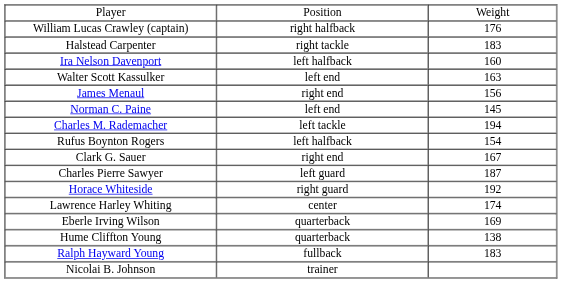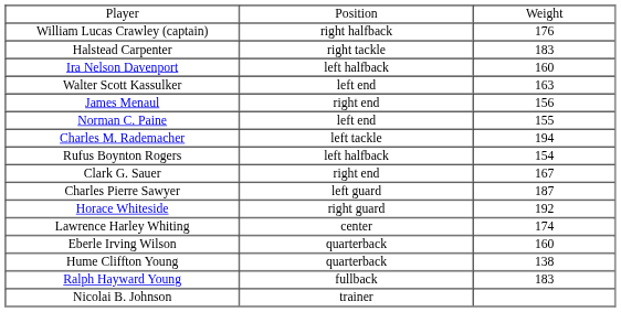 <table cellpadding="1" border="1" cellspacing="0" width="60%" style="text-align:center;">
 <tr>
 <td>Player</td>
 <td>Position</td>
 <td>Weight</td>
 </tr>
 <tr align="center" bgcolor="">
 <td>William Lucas Crawley (captain)</td>
 <td>right halfback</td>
 <td>176</td>
 </tr>
 <tr align="center" bgcolor="">
 <td>Halstead Carpenter</td>
 <td>right tackle</td>
 <td>183</td>
 </tr>
 <tr align="center" bgcolor="">
 <td><a href='#'>Ira Nelson Davenport</a></td>
 <td>left halfback</td>
 <td>160</td>
 </tr>
 <tr align="center" bgcolor="">
 <td>Walter Scott Kassulker</td>
 <td>left end</td>
 <td>163</td>
 </tr>
 <tr align="center" bgcolor="">
 <td><a href='#'>James Menaul</a></td>
 <td>right end</td>
 <td>156</td>
 </tr>
 <tr align="center" bgcolor="">
 <td width="250"><a href='#'>Norman C. Paine</a></td>
 <td width="250">left end</td>
-<td width="150">145</td>
+<td width="150">155</td>
 </tr>
 <tr align="center" bgcolor="">
 <td><a href='#'>Charles M. Rademacher</a></td>
 <td>left tackle</td>
 <td>194</td>
 </tr>
 <tr align="center" bgcolor="">
 <td>Rufus Boynton Rogers</td>
 <td>left halfback</td>
 <td>154</td>
 </tr>
 <tr align="center" bgcolor="">
 <td>Clark G. Sauer</td>
 <td>right end</td>
 <td>167</td>
 </tr>
 <tr align="center" bgcolor="">
 <td>Charles Pierre Sawyer</td>
 <td>left guard</td>
 <td>187</td>
 </tr>
 <tr align="center" bgcolor="">
 <td><a href='#'>Horace Whiteside</a></td>
 <td>right guard</td>
 <td>192</td>
 </tr>
 <tr align="center" bgcolor="">
 <td>Lawrence Harley Whiting</td>
 <td>center</td>
 <td>174</td>
 </tr>
 <tr align="center" bgcolor="">
 <td>Eberle Irving Wilson</td>
 <td>quarterback</td>
-<td>169</td>
+<td>160</td>
 </tr>
 <tr align="center" bgcolor="">
 <td>Hume Cliffton Young</td>
 <td>quarterback</td>
 <td>138</td>
 </tr>
 <tr align="center" bgcolor="">
 <td><a href='#'>Ralph Hayward Young</a></td>
 <td>fullback</td>
 <td>183</td>
 </tr>
 <tr align="center" bgcolor="">
 <td>Nicolai B. Johnson</td>
 <td>trainer</td>
 <td></td>
 </tr>
 <tr align="center" bgcolor="">
 </tr>
 </table>
